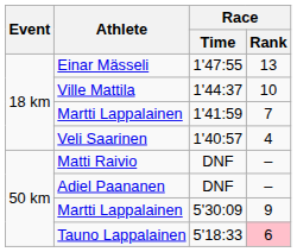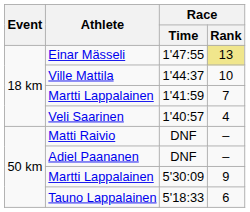 <table class="wikitable" border="1" style="font-size:90%">
 <tr>
 <th rowspan=2>Event</th>
 <th rowspan=2>Athlete</th>
 <th colspan=2>Race</th>
 </tr>
 <tr>
 <th>Time</th>
 <th>Rank</th>
 </tr>
 <tr>
 <td rowspan=4>18 km</td>
 <td><a href='#'>Einar Mässeli</a></td>
 <td align=center>1'47:55</td>
-<td align=center>13</td>
+<td align=center style="background: khaki;">13</td>
 </tr>
 <tr>
 <td><a href='#'>Ville Mattila</a></td>
 <td align=center>1'44:37</td>
 <td align=center>10</td>
 </tr>
 <tr>
 <td><a href='#'>Martti Lappalainen</a></td>
 <td align=center>1'41:59</td>
 <td align=center>7</td>
 </tr>
 <tr>
 <td><a href='#'>Veli Saarinen</a></td>
 <td align=center>1'40:57</td>
 <td align=center>4</td>
 </tr>
 <tr>
 <td rowspan=4>50 km</td>
 <td><a href='#'>Matti Raivio</a></td>
 <td align=center>DNF</td>
 <td align=center>–</td>
 </tr>
 <tr>
 <td><a href='#'>Adiel Paananen</a></td>
 <td align=center>DNF</td>
 <td align=center>–</td>
 </tr>
 <tr>
 <td><a href='#'>Martti Lappalainen</a></td>
 <td align=center>5'30:09</td>
 <td align=center>9</td>
 </tr>
 <tr>
 <td><a href='#'>Tauno Lappalainen</a></td>
 <td align=center>5'18:33</td>
-<td align=center style="background: pink;">6</td>
+<td align=center>6</td>
 </tr>
 </table>
